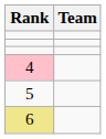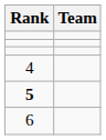 <table class="wikitable" style="text-align:center;">
 <tr>
 <th width=40>Rank</th>
 <th>Team</th>
 </tr>
 <tr>
 <td></td>
 <td style="text-align:left;"></td>
 </tr>
 <tr>
 <td></td>
 <td style="text-align:left;"></td>
 </tr>
 <tr>
 <td></td>
 <td style="text-align:left;"></td>
 </tr>
 <tr>
-<td style="background: pink;">4</td>
+<td>4</td>
 <td style="text-align:left;"></td>
 </tr>
 <tr>
-<td>5</td>
+<td><strong>5</strong></td>
 <td style="text-align:left;"></td>
 </tr>
 <tr>
-<td style="background: khaki;">6</td>
+<td>6</td>
 <td style="text-align:left;"></td>
 </tr>
 </table>
